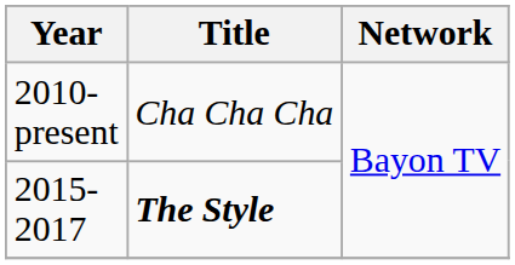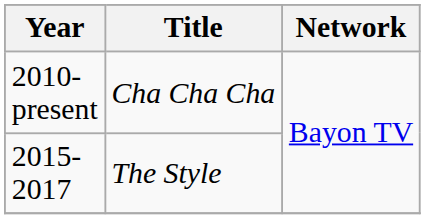 <table class="wikitable sortable">
 <tr>
 <th>Year</th>
 <th>Title</th>
 <th class="unsortable">Network</th>
 </tr>
 <tr>
 <td>2010-<br>present</td>
 <td><em>Cha Cha Cha</em></td>
 <td rowspan="2"><a href='#'>Bayon TV</a></td>
 </tr>
 <tr>
 <td>2015-<br>2017</td>
-<td><strong><em>The Style</em></strong></td>
+<td><em>The Style</em></td>
 </tr>
 <tr>
 </tr>
 </table>
